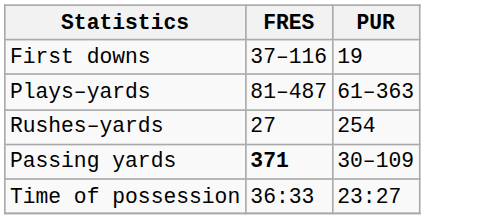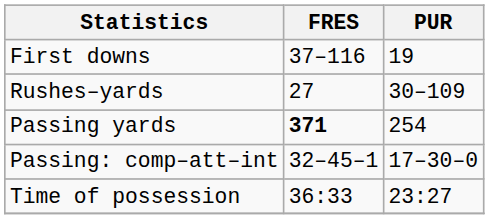 <table class="wikitable" style="float: left;">
 <tr>
 <th>Statistics</th>
 <th>FRES</th>
 <th>PUR</th>
 </tr>
 <tr>
 <td>First downs</td>
 <td>37–116</td>
 <td>19</td>
 </tr>
 <tr>
-<td>Plays–yards</td>
-<td>81–487</td>
-<td>61–363</td>
-</tr>
-<tr>
 <td>Rushes–yards</td>
 <td>27</td>
-<td>254</td>
+<td>30–109</td>
 </tr>
 <tr>
 <td>Passing yards</td>
 <td><strong>371</strong></td>
-<td>30–109</td>
+<td>254</td>
+</tr>
+<tr>
+<td>Passing: comp–att–int</td>
+<td>32–45–1</td>
+<td>17–30–0</td>
 </tr>
 <tr>
 <td>Time of possession</td>
 <td>36:33</td>
 <td>23:27</td>
 </tr>
 <tr>
 </tr>
 </table>
